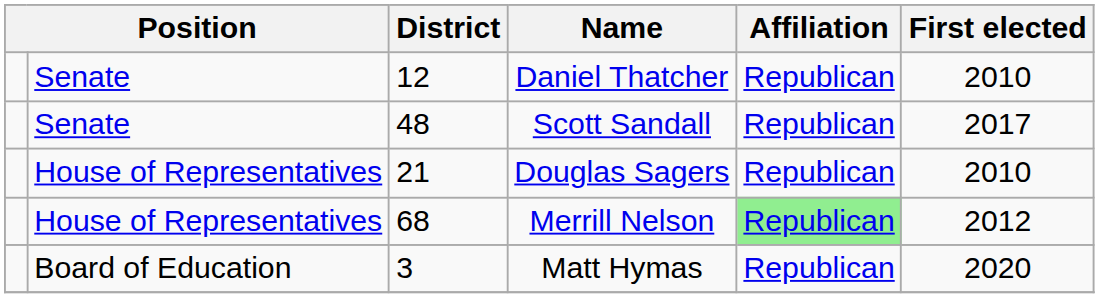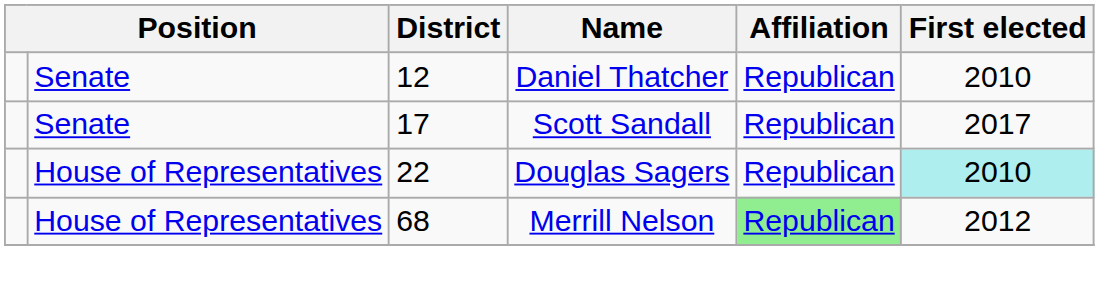 <table class="wikitable">
 <tr>
 <th colspan="2" style="text-align:center; vertical-align:bottom;">Position</th>
 <th>District</th>
 <th style="text-align:center;">Name</th>
 <th valign="bottom">Affiliation</th>
 <th style="vertical-align:bottom; text-align:center;">First elected</th>
 </tr>
 <tr>
 <td style="background-color:"> </td>
 <td><a href='#'>Senate</a></td>
 <td>12</td>
 <td style="text-align:center;"><a href='#'>Daniel Thatcher</a></td>
 <td style="text-align:center;"><a href='#'>Republican</a></td>
 <td style="text-align:center;">2010</td>
 </tr>
 <tr>
 <td style="background-color:"> </td>
 <td><a href='#'>Senate</a></td>
-<td>48</td>
+<td>17</td>
 <td style="text-align:center;"><a href='#'>Scott Sandall</a></td>
 <td style="text-align:center;"><a href='#'>Republican</a></td>
 <td style="text-align:center;">2017</td>
 </tr>
 <tr>
 <td style="background-color:"> </td>
 <td><a href='#'>House of Representatives</a></td>
-<td>21</td>
+<td>22</td>
 <td style="text-align:center;"><a href='#'>Douglas Sagers</a></td>
 <td style="text-align:center;"><a href='#'>Republican</a></td>
-<td style="text-align:center;">2010</td>
+<td style="background: paleturquoise; text-align:center;">2010</td>
 </tr>
 <tr>
 <td style="background-color:"> </td>
 <td><a href='#'>House of Representatives</a></td>
 <td>68</td>
 <td style="text-align:center;"><a href='#'>Merrill Nelson</a></td>
 <td style="background: lightgreen; text-align:center;"><a href='#'>Republican</a></td>
 <td style="text-align:center;">2012</td>
 </tr>
 <tr>
-<td style="background-color:"> </td>
-<td>Board of Education</td>
-<td>3</td>
-<td style="text-align:center;">Matt Hymas</td>
-<td style="text-align:center;"><a href='#'>Republican</a></td>
-<td style="text-align:center;">2020</td>
-</tr>
-<tr>
 </tr>
 </table>
